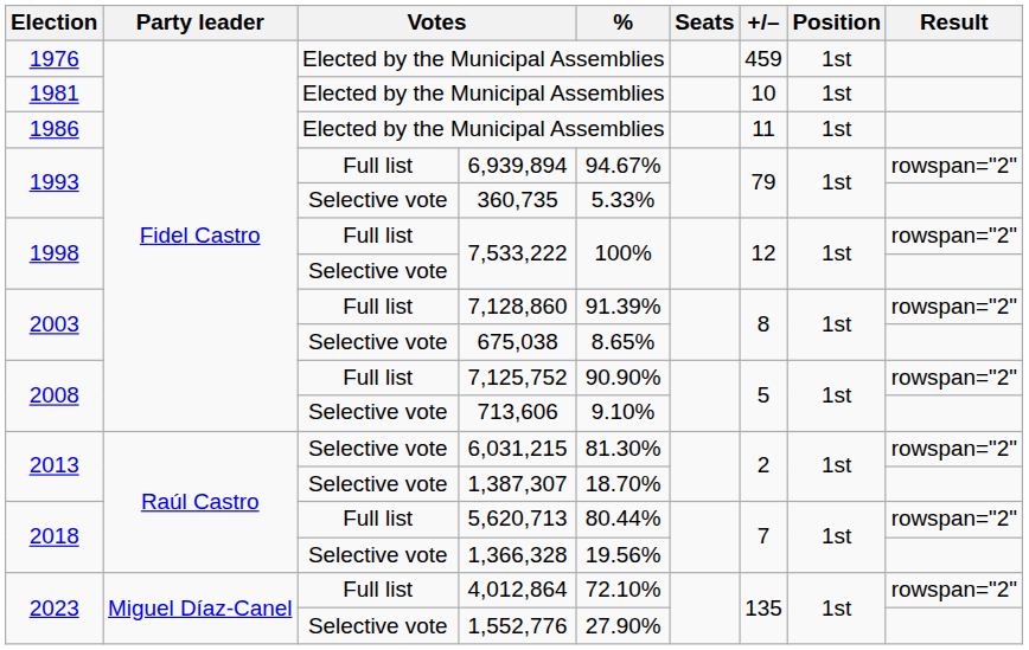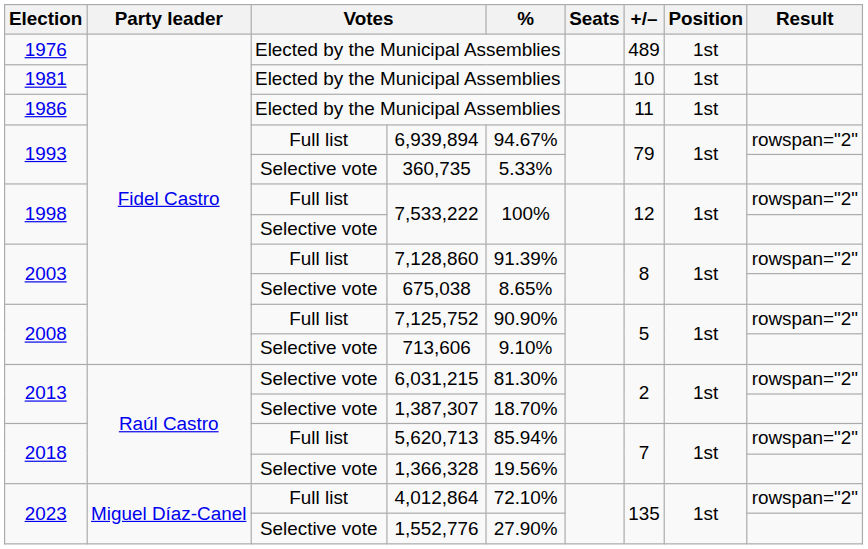 <table class=wikitable style=text-align:center>
 <tr>
 <th>Election</th>
 <th>Party leader</th>
 <th colspan="2">Votes</th>
 <th>%</th>
 <th>Seats</th>
 <th>+/–</th>
 <th>Position</th>
 <th>Result</th>
 </tr>
 <tr>
 <td><a href='#'>1976</a></td>
 <td rowspan="11"><a href='#'>Fidel Castro</a></td>
 <td colspan="3">Elected by the Municipal Assemblies</td>
 <td></td>
-<td> 459</td>
+<td> 489</td>
 <td> 1st</td>
 <td></td>
 </tr>
 <tr>
 <td><a href='#'>1981</a></td>
 <td colspan="3">Elected by the Municipal Assemblies</td>
 <td></td>
 <td> 10</td>
 <td> 1st</td>
 <td></td>
 </tr>
 <tr>
 <td><a href='#'>1986</a></td>
 <td colspan="3">Elected by the Municipal Assemblies</td>
 <td></td>
 <td> 11</td>
 <td> 1st</td>
 <td></td>
 </tr>
 <tr>
 <td rowspan="2"><a href='#'>1993</a></td>
 <td>Full list</td>
 <td>6,939,894</td>
 <td>94.67%</td>
 <td rowspan="2"></td>
 <td rowspan="2"> 79</td>
 <td rowspan="2"> 1st</td>
 <td>rowspan="2" </td>
 </tr>
 <tr>
 <td>Selective vote</td>
 <td>360,735</td>
 <td>5.33%</td>
 </tr>
 <tr>
 <td rowspan="2"><a href='#'>1998</a></td>
 <td>Full list</td>
 <td rowspan="2">7,533,222</td>
 <td rowspan="2">100%</td>
 <td rowspan="2"></td>
 <td rowspan="2"> 12</td>
 <td rowspan="2"> 1st</td>
 <td>rowspan="2" </td>
 </tr>
 <tr>
 <td>Selective vote</td>
 </tr>
 <tr>
 <td rowspan="2"><a href='#'>2003</a></td>
 <td>Full list</td>
 <td>7,128,860</td>
 <td>91.39%</td>
 <td rowspan="2"></td>
 <td rowspan="2"> 8</td>
 <td rowspan="2"> 1st</td>
 <td>rowspan="2" </td>
 </tr>
 <tr>
 <td>Selective vote</td>
 <td>675,038</td>
 <td>8.65%</td>
 </tr>
 <tr>
 <td rowspan="2"><a href='#'>2008</a></td>
 <td>Full list</td>
 <td>7,125,752</td>
 <td>90.90%</td>
 <td rowspan="2"></td>
 <td rowspan="2"> 5</td>
 <td rowspan="2"> 1st</td>
 <td>rowspan="2" </td>
 </tr>
 <tr>
 <td>Selective vote</td>
 <td>713,606</td>
 <td>9.10%</td>
 </tr>
 <tr>
 <td rowspan="2"><a href='#'>2013</a></td>
 <td rowspan="4"><a href='#'>Raúl Castro</a></td>
 <td>Selective vote</td>
 <td>6,031,215</td>
 <td>81.30%</td>
 <td rowspan="2"></td>
 <td rowspan="2"> 2</td>
 <td rowspan="2"> 1st</td>
 <td>rowspan="2" </td>
 </tr>
 <tr>
 <td>Selective vote</td>
 <td>1,387,307</td>
 <td>18.70%</td>
 </tr>
 <tr>
 <td rowspan="2"><a href='#'>2018</a></td>
 <td>Full list</td>
 <td>5,620,713</td>
-<td>80.44%</td>
+<td>85.94%</td>
 <td rowspan="2"></td>
 <td rowspan="2"> 7</td>
 <td rowspan="2"> 1st</td>
 <td>rowspan="2" </td>
 </tr>
 <tr>
 <td>Selective vote</td>
 <td>1,366,328</td>
 <td>19.56%</td>
 </tr>
 <tr>
 <td rowspan="2"><a href='#'>2023</a></td>
 <td rowspan="2"><a href='#'>Miguel Díaz-Canel</a></td>
 <td>Full list</td>
 <td>4,012,864</td>
 <td>72.10%</td>
 <td rowspan="2"></td>
 <td rowspan="2"> 135</td>
 <td rowspan="2"> 1st</td>
 <td>rowspan="2" </td>
 </tr>
 <tr>
 <td>Selective vote</td>
 <td>1,552,776</td>
 <td>27.90%</td>
 </tr>
 </table>
